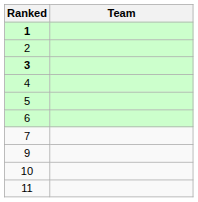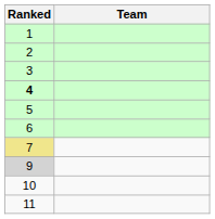 <table class="wikitable" style="text-align:center; font-size:90%">
 <tr>
 <th width=40>Ranked</th>
 <th width=180>Team</th>
 </tr>
 <tr bgcolor="ccffcc">
-<td style="text-align:center"><strong>1</strong></td>
+<td style="text-align:center">1</td>
 <td style="text-align:left"></td>
 </tr>
 <tr bgcolor="ccffcc">
 <td style="text-align:center">2</td>
 <td style="text-align:left"></td>
 </tr>
 <tr bgcolor="ccffcc">
-<td style="text-align:center"><strong>3</strong></td>
+<td style="text-align:center">3</td>
 <td style="text-align:left"></td>
 </tr>
 <tr bgcolor="ccffcc">
-<td style="text-align:center">4</td>
+<td style="text-align:center"><strong>4</strong></td>
 <td style="text-align:left"></td>
 </tr>
 <tr bgcolor="ccffcc">
 <td style="text-align:center">5</td>
 <td style="text-align:left"></td>
 </tr>
 <tr bgcolor="ccffcc">
 <td style="text-align:center">6</td>
 <td style="text-align:left"></td>
 </tr>
 <tr>
-<td style="text-align:center">7</td>
+<td style="background: khaki; text-align:center">7</td>
 <td style="text-align:left"></td>
 </tr>
 <tr>
-<td style="text-align:center">9</td>
+<td style="background: lightgrey; text-align:center">9</td>
 <td style="text-align:left"></td>
 </tr>
 <tr>
 <td style="text-align:center">10</td>
 <td style="text-align:left"></td>
 </tr>
 <tr>
 <td style="text-align:center">11</td>
 <td style="text-align:left"></td>
 </tr>
 </table>
